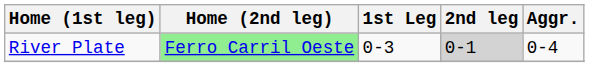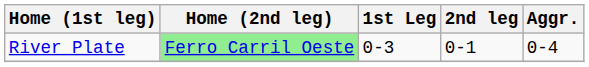 <table class="wikitable" style="text-align:left;">
 <tr>
 <th>Home (1st leg)</th>
 <th>Home (2nd leg)</th>
 <th>1st Leg</th>
 <th>2nd leg</th>
 <th>Aggr.</th>
 </tr>
 <tr>
 <td><a href='#'>River Plate</a></td>
 <td bgcolor="lightgreen"><a href='#'>Ferro Carril Oeste</a></td>
 <td>0-3</td>
-<td style="background: lightgrey;">0-1</td>
+<td>0-1</td>
 <td>0-4</td>
 </tr>
 <tr>
 </tr>
 </table>
